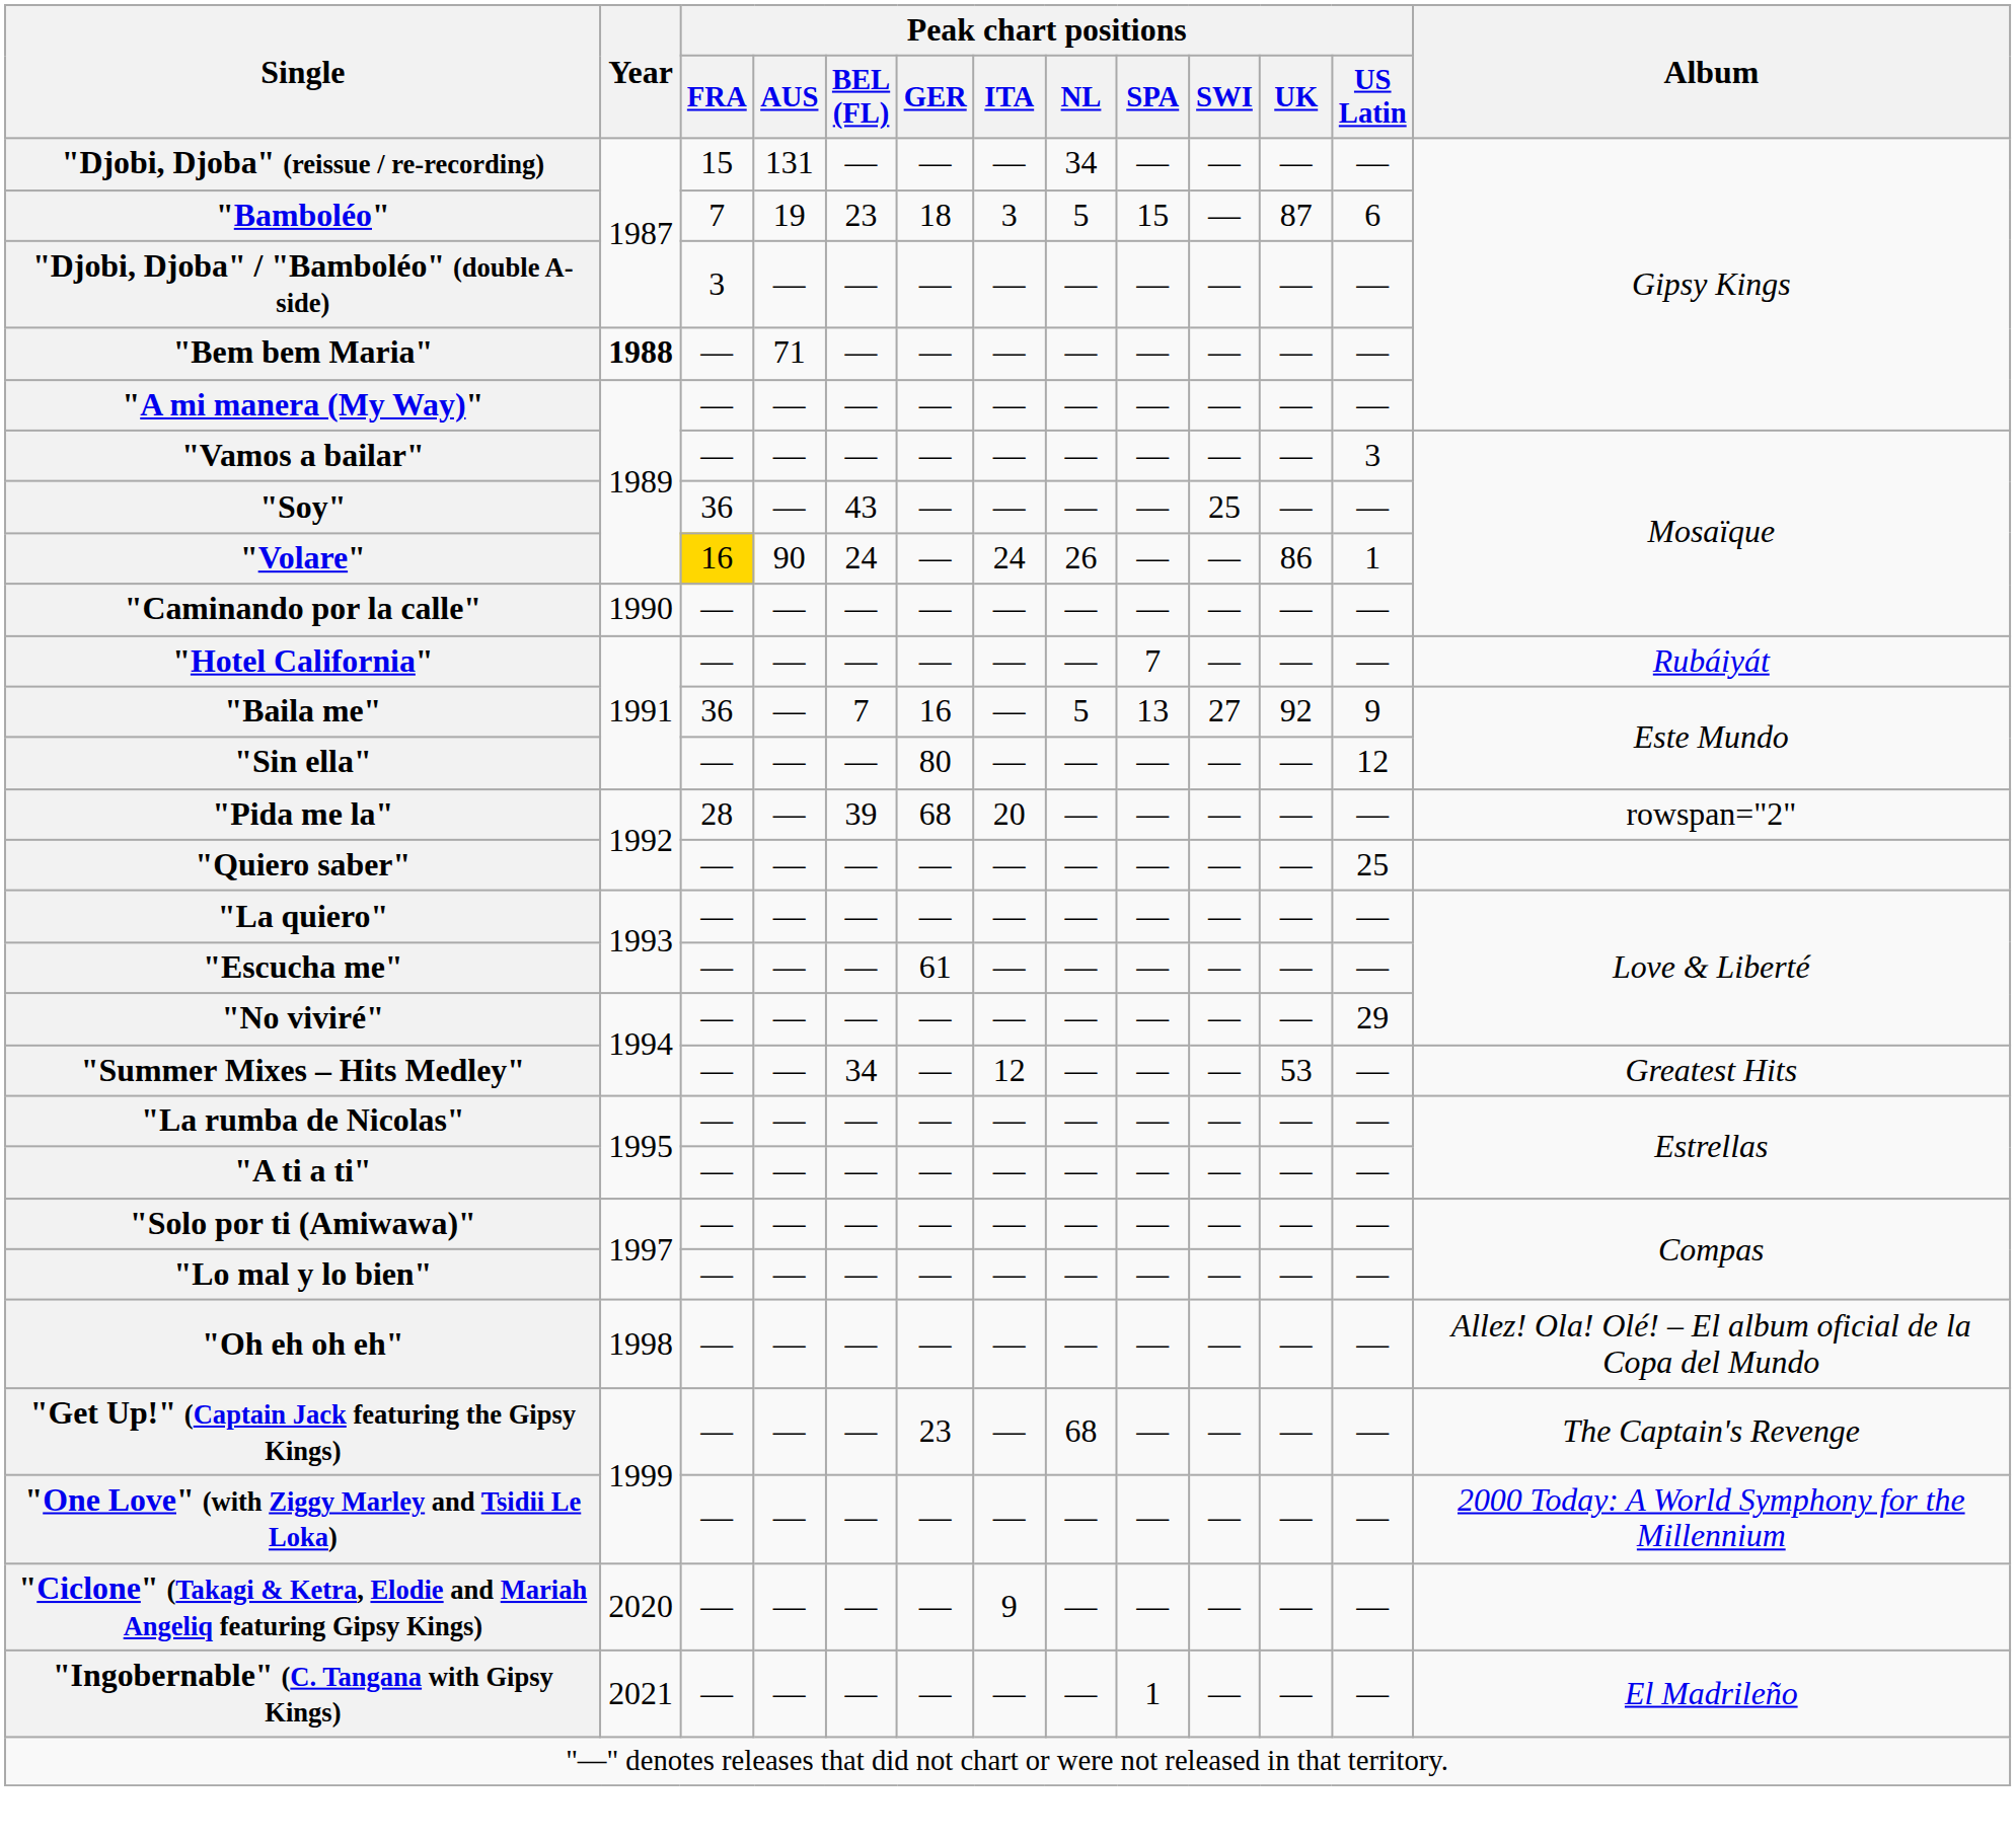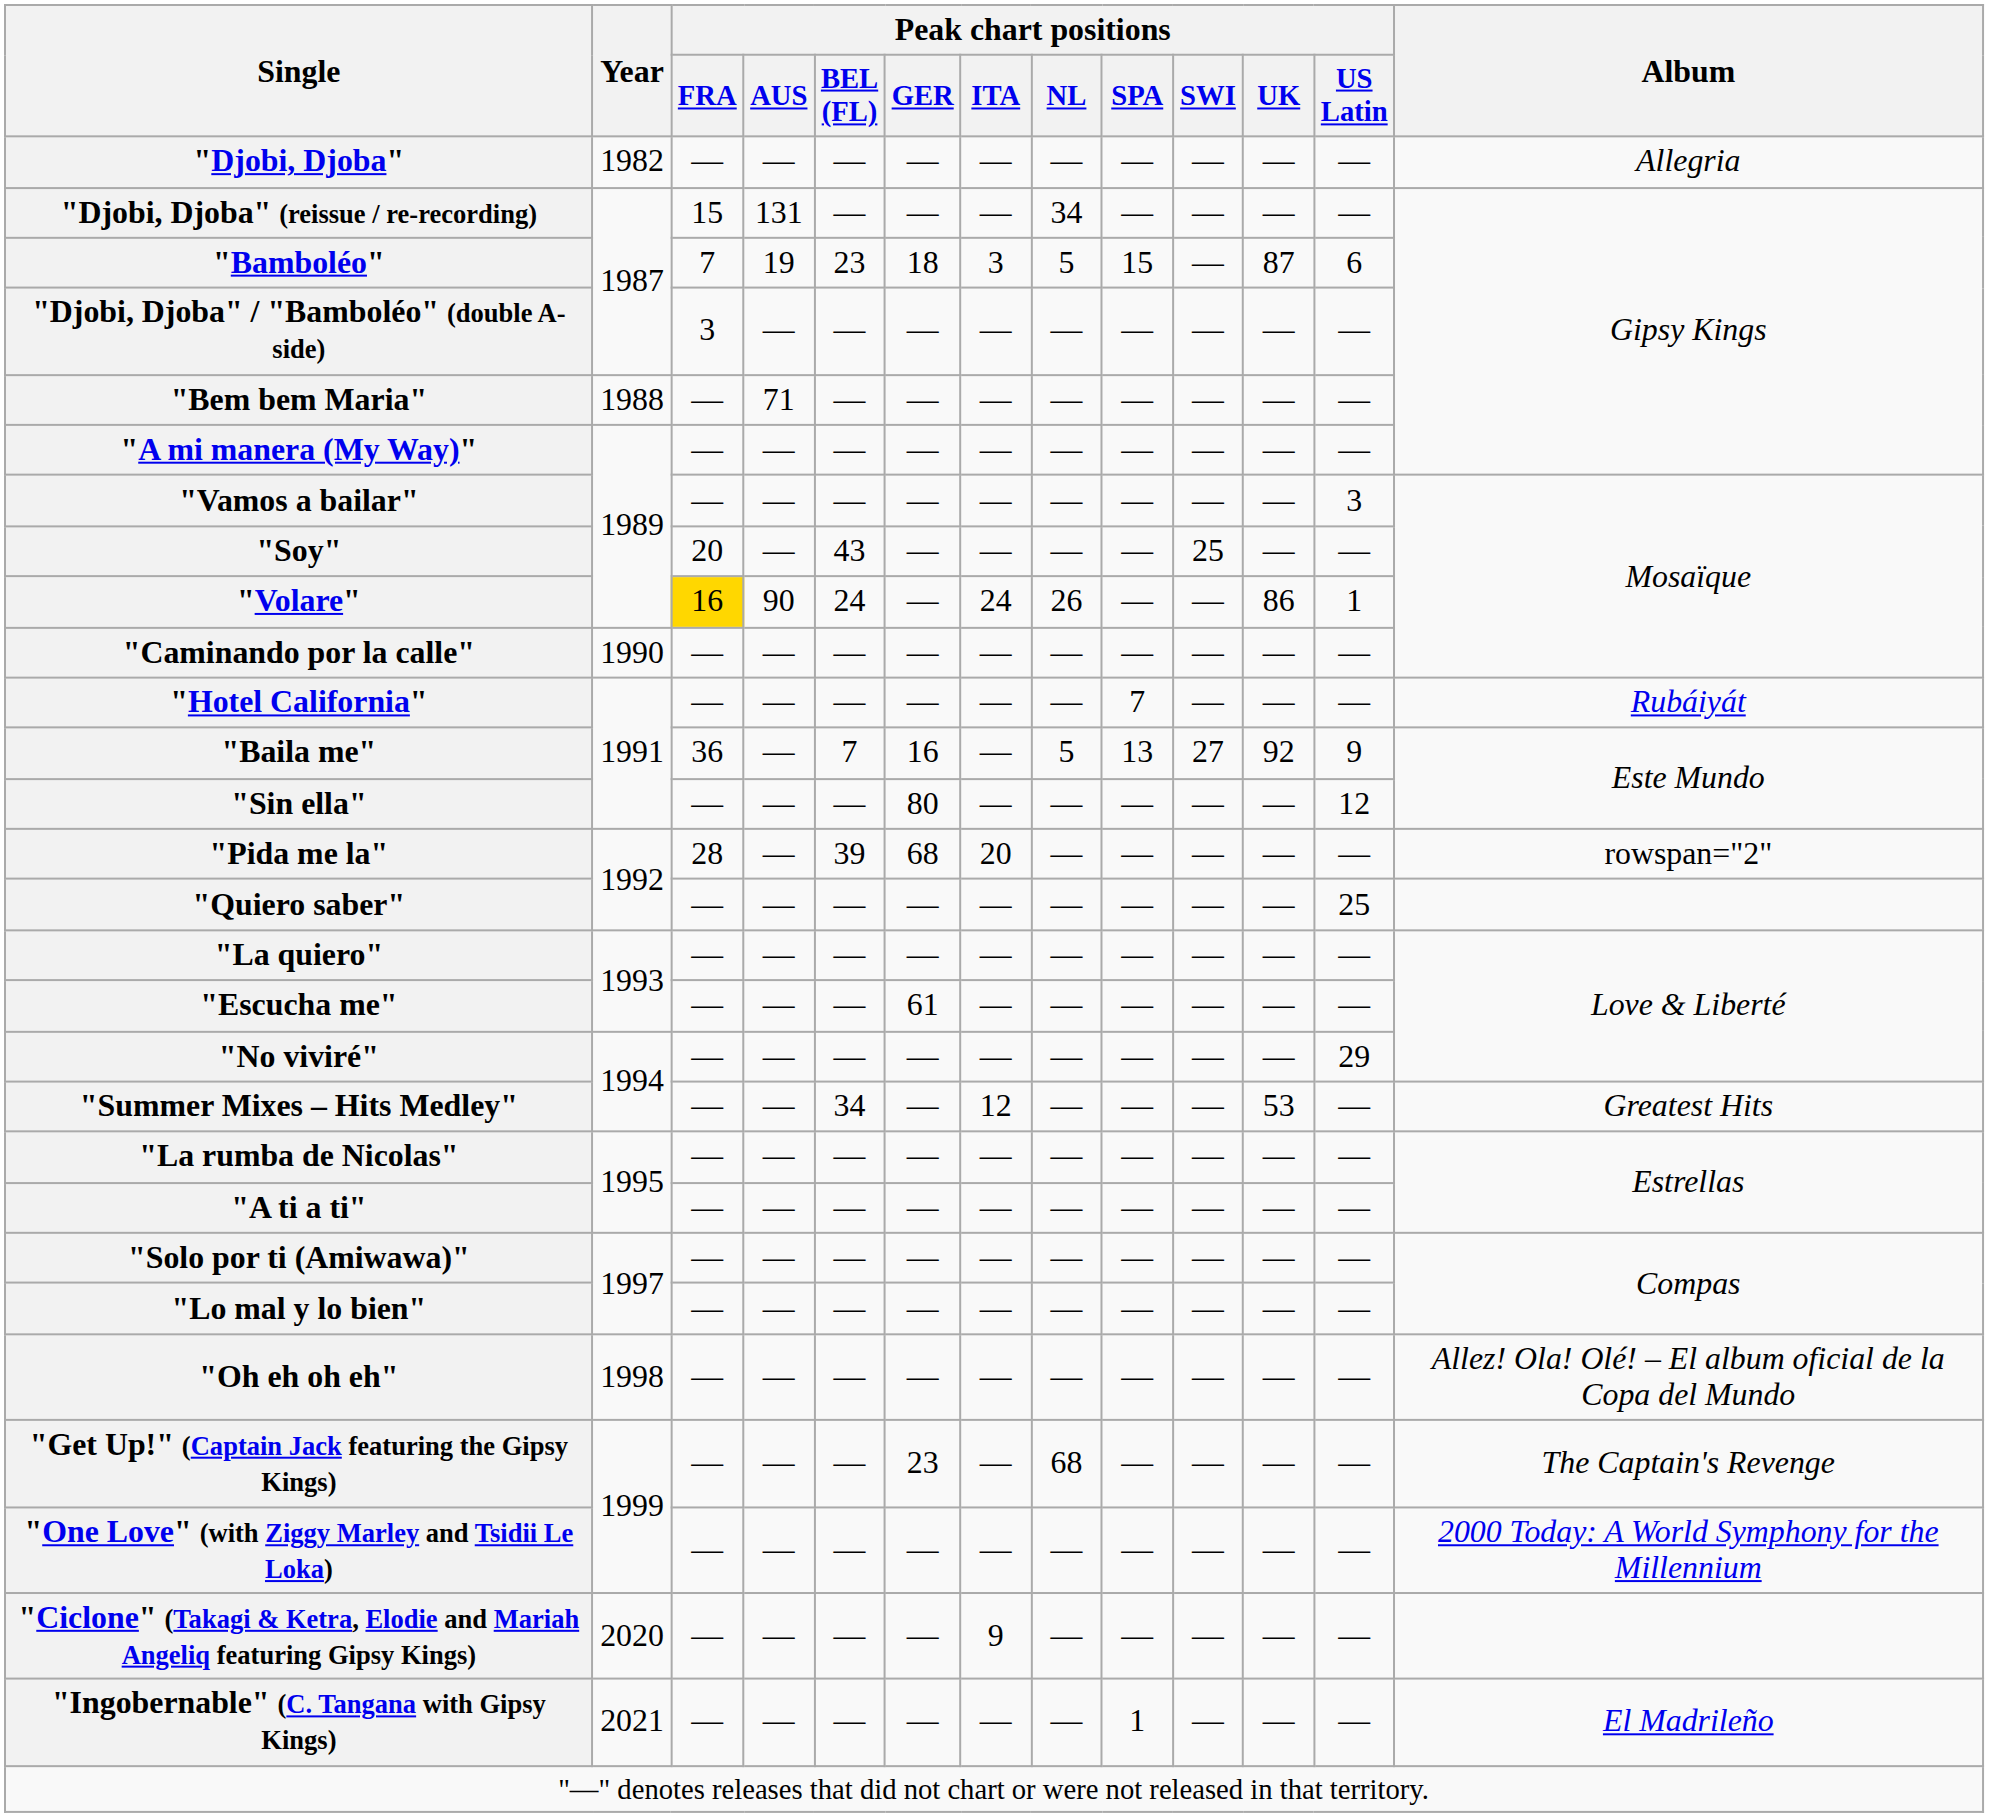 <table class="wikitable plainrowheaders" style="text-align:center;">
 <tr>
 <th rowspan="2" style="width:18em;">Single</th>
 <th rowspan="2">Year</th>
 <th colspan="10">Peak chart positions</th>
 <th rowspan="2" style="width:18em;">Album</th>
 </tr>
 <tr>
 <th scope="col" style="width:2em;font-size:90%;"><a href='#'>FRA</a><br></th>
 <th scope="col" style="width:2em;font-size:90%;"><a href='#'>AUS</a><br></th>
 <th scope="col" style="width:2em;font-size:90%;"><a href='#'>BEL (FL)</a><br></th>
 <th scope="col" style="width:2em;font-size:90%;"><a href='#'>GER</a><br></th>
 <th scope="col" style="width:2em;font-size:90%;"><a href='#'>ITA</a><br></th>
 <th scope="col" style="width:2em;font-size:90%;"><a href='#'>NL</a><br></th>
 <th scope="col" style="width:2em;font-size:90%;"><a href='#'>SPA</a><br></th>
 <th scope="col" style="width:2em;font-size:90%;"><a href='#'>SWI</a><br></th>
 <th scope="col" style="width:2em;font-size:90%;"><a href='#'>UK</a><br></th>
 <th scope="col" style="width:2em;font-size:90%;"><a href='#'>US Latin</a><br></th>
+</tr>
+<tr>
+<th scope="row">"<a href='#'>Djobi, Djoba</a>"</th>
+<td>1982</td>
+<td>—</td>
+<td>—</td>
+<td>—</td>
+<td>—</td>
+<td>—</td>
+<td>—</td>
+<td>—</td>
+<td>—</td>
+<td>—</td>
+<td>—</td>
+<td><em>Allegria</em></td>
 </tr>
 <tr>
 <th scope="row">"Djobi, Djoba" <small>(reissue / re-recording)</small></th>
 <td rowspan="3">1987</td>
 <td>15</td>
 <td>131</td>
 <td>—</td>
 <td>—</td>
 <td>—</td>
 <td>34</td>
 <td>—</td>
 <td>—</td>
 <td>—</td>
 <td>—</td>
 <td rowspan="5"><em>Gipsy Kings</em></td>
 </tr>
 <tr>
 <th scope="row">"<a href='#'>Bamboléo</a>"</th>
 <td>7</td>
 <td>19</td>
 <td>23</td>
 <td>18</td>
 <td>3</td>
 <td>5</td>
 <td>15</td>
 <td>—</td>
 <td>87</td>
 <td>6</td>
 </tr>
 <tr>
 <th scope="row">"Djobi, Djoba" / "Bamboléo" <small>(double A-side)</small></th>
 <td>3</td>
 <td>—</td>
 <td>—</td>
 <td>—</td>
 <td>—</td>
 <td>—</td>
 <td>—</td>
 <td>—</td>
 <td>—</td>
 <td>—</td>
 </tr>
 <tr>
 <th scope="row">"Bem bem Maria"</th>
-<td><strong>1988</strong></td>
+<td>1988</td>
 <td>—</td>
 <td>71</td>
 <td>—</td>
 <td>—</td>
 <td>—</td>
 <td>—</td>
 <td>—</td>
 <td>—</td>
 <td>—</td>
 <td>—</td>
 </tr>
 <tr>
 <th scope="row">"<a href='#'>A mi manera (My Way)</a>"</th>
 <td rowspan="4">1989</td>
 <td>—</td>
 <td>—</td>
 <td>—</td>
 <td>—</td>
 <td>—</td>
 <td>—</td>
 <td>—</td>
 <td>—</td>
 <td>—</td>
 <td>—</td>
 </tr>
 <tr>
 <th scope="row">"Vamos a bailar"</th>
 <td>—</td>
 <td>—</td>
 <td>—</td>
 <td>—</td>
 <td>—</td>
 <td>—</td>
 <td>—</td>
 <td>—</td>
 <td>—</td>
 <td>3</td>
 <td rowspan="4"><em>Mosaïque</em></td>
 </tr>
 <tr>
 <th scope="row">"Soy"</th>
-<td>36</td>
+<td>20</td>
 <td>—</td>
 <td>43</td>
 <td>—</td>
 <td>—</td>
 <td>—</td>
 <td>—</td>
 <td>25</td>
 <td>—</td>
 <td>—</td>
 </tr>
 <tr>
 <th scope="row">"<a href='#'>Volare</a>"</th>
 <td style="background: gold;">16</td>
 <td>90</td>
 <td>24</td>
 <td>—</td>
 <td>24</td>
 <td>26</td>
 <td>—</td>
 <td>—</td>
 <td>86</td>
 <td>1</td>
 </tr>
 <tr>
 <th scope="row">"Caminando por la calle"</th>
 <td>1990</td>
 <td>—</td>
 <td>—</td>
 <td>—</td>
 <td>—</td>
 <td>—</td>
 <td>—</td>
 <td>—</td>
 <td>—</td>
 <td>—</td>
 <td>—</td>
 </tr>
 <tr>
 <th scope="row">"<a href='#'>Hotel California</a>"</th>
 <td rowspan="3">1991</td>
 <td>—</td>
 <td>—</td>
 <td>—</td>
 <td>—</td>
 <td>—</td>
 <td>—</td>
 <td>7</td>
 <td>—</td>
 <td>—</td>
 <td>—</td>
 <td><em><a href='#'>Rubáiyát</a></em></td>
 </tr>
 <tr>
 <th scope="row">"Baila me"</th>
 <td>36</td>
 <td>—</td>
 <td>7</td>
 <td>16</td>
 <td>—</td>
 <td>5</td>
 <td>13</td>
 <td>27</td>
 <td>92</td>
 <td>9</td>
 <td rowspan="2"><em>Este Mundo</em></td>
 </tr>
 <tr>
 <th scope="row">"Sin ella"</th>
 <td>—</td>
 <td>—</td>
 <td>—</td>
 <td>80</td>
 <td>—</td>
 <td>—</td>
 <td>—</td>
 <td>—</td>
 <td>—</td>
 <td>12</td>
 </tr>
 <tr>
 <th scope="row">"Pida me la"</th>
 <td rowspan="2">1992</td>
 <td>28</td>
 <td>—</td>
 <td>39</td>
 <td>68</td>
 <td>20</td>
 <td>—</td>
 <td>—</td>
 <td>—</td>
 <td>—</td>
 <td>—</td>
 <td>rowspan="2" </td>
 </tr>
 <tr>
 <th scope="row">"Quiero saber"</th>
 <td>—</td>
 <td>—</td>
 <td>—</td>
 <td>—</td>
 <td>—</td>
 <td>—</td>
 <td>—</td>
 <td>—</td>
 <td>—</td>
 <td>25</td>
 </tr>
 <tr>
 <th scope="row">"La quiero"</th>
 <td rowspan="2">1993</td>
 <td>—</td>
 <td>—</td>
 <td>—</td>
 <td>—</td>
 <td>—</td>
 <td>—</td>
 <td>—</td>
 <td>—</td>
 <td>—</td>
 <td>—</td>
 <td rowspan="3"><em>Love & Liberté</em></td>
 </tr>
 <tr>
 <th scope="row">"Escucha me"</th>
 <td>—</td>
 <td>—</td>
 <td>—</td>
 <td>61</td>
 <td>—</td>
 <td>—</td>
 <td>—</td>
 <td>—</td>
 <td>—</td>
 <td>—</td>
 </tr>
 <tr>
 <th scope="row">"No viviré"</th>
 <td rowspan="2">1994</td>
 <td>—</td>
 <td>—</td>
 <td>—</td>
 <td>—</td>
 <td>—</td>
 <td>—</td>
 <td>—</td>
 <td>—</td>
 <td>—</td>
 <td>29</td>
 </tr>
 <tr>
 <th scope="row">"Summer Mixes – Hits Medley"</th>
 <td>—</td>
 <td>—</td>
 <td>34</td>
 <td>—</td>
 <td>12</td>
 <td>—</td>
 <td>—</td>
 <td>—</td>
 <td>53</td>
 <td>—</td>
 <td><em>Greatest Hits</em></td>
 </tr>
 <tr>
 <th scope="row">"La rumba de Nicolas"</th>
 <td rowspan="2">1995</td>
 <td>—</td>
 <td>—</td>
 <td>—</td>
 <td>—</td>
 <td>—</td>
 <td>—</td>
 <td>—</td>
 <td>—</td>
 <td>—</td>
 <td>—</td>
 <td rowspan="2"><em>Estrellas</em></td>
 </tr>
 <tr>
 <th scope="row">"A ti a ti"</th>
 <td>—</td>
 <td>—</td>
 <td>—</td>
 <td>—</td>
 <td>—</td>
 <td>—</td>
 <td>—</td>
 <td>—</td>
 <td>—</td>
 <td>—</td>
 </tr>
 <tr>
 <th scope="row">"Solo por ti (Amiwawa)"</th>
 <td rowspan="2">1997</td>
 <td>—</td>
 <td>—</td>
 <td>—</td>
 <td>—</td>
 <td>—</td>
 <td>—</td>
 <td>—</td>
 <td>—</td>
 <td>—</td>
 <td>—</td>
 <td rowspan="2"><em>Compas</em></td>
 </tr>
 <tr>
 <th scope="row">"Lo mal y lo bien"</th>
 <td>—</td>
 <td>—</td>
 <td>—</td>
 <td>—</td>
 <td>—</td>
 <td>—</td>
 <td>—</td>
 <td>—</td>
 <td>—</td>
 <td>—</td>
 </tr>
 <tr>
 <th scope="row">"Oh eh oh eh"</th>
 <td>1998</td>
 <td>—</td>
 <td>—</td>
 <td>—</td>
 <td>—</td>
 <td>—</td>
 <td>—</td>
 <td>—</td>
 <td>—</td>
 <td>—</td>
 <td>—</td>
 <td><em>Allez! Ola! Olé! – El album oficial de la Copa del Mundo</em></td>
 </tr>
 <tr>
 <th scope="row">"Get Up!" <small>(<a href='#'>Captain Jack</a> featuring the Gipsy Kings)</small></th>
 <td rowspan="2">1999</td>
 <td>—</td>
 <td>—</td>
 <td>—</td>
 <td>23</td>
 <td>—</td>
 <td>68</td>
 <td>—</td>
 <td>—</td>
 <td>—</td>
 <td>—</td>
 <td><em>The Captain's Revenge</em></td>
 </tr>
 <tr>
 <th scope="row">"<a href='#'>One Love</a>" <small>(with <a href='#'>Ziggy Marley</a> and <a href='#'>Tsidii Le Loka</a>)</small></th>
 <td>—</td>
 <td>—</td>
 <td>—</td>
 <td>—</td>
 <td>—</td>
 <td>—</td>
 <td>—</td>
 <td>—</td>
 <td>—</td>
 <td>—</td>
 <td><em><a href='#'>2000 Today: A World Symphony for the Millennium</a></em></td>
 </tr>
 <tr>
 <th scope="row">"<a href='#'>Ciclone</a>" <small>(<a href='#'>Takagi & Ketra</a>, <a href='#'>Elodie</a> and <a href='#'>Mariah Angeliq</a> featuring Gipsy Kings)</small></th>
 <td>2020</td>
 <td>—</td>
 <td>—</td>
 <td>—</td>
 <td>—</td>
 <td>9</td>
 <td>—</td>
 <td>—</td>
 <td>—</td>
 <td>—</td>
 <td>—</td>
 <td></td>
 </tr>
 <tr>
 <th scope="row">"Ingobernable" <small>(<a href='#'>C. Tangana</a> with Gipsy Kings)</small></th>
 <td>2021</td>
 <td>—</td>
 <td>—</td>
 <td>—</td>
 <td>—</td>
 <td>—</td>
 <td>—</td>
 <td>1</td>
 <td>—</td>
 <td>—</td>
 <td>—</td>
 <td><em><a href='#'>El Madrileño</a></em></td>
 </tr>
 <tr>
 <td colspan="13" style="font-size:90%">"—" denotes releases that did not chart or were not released in that territory.</td>
 </tr>
 </table>
